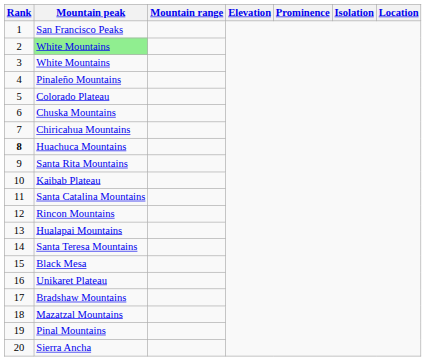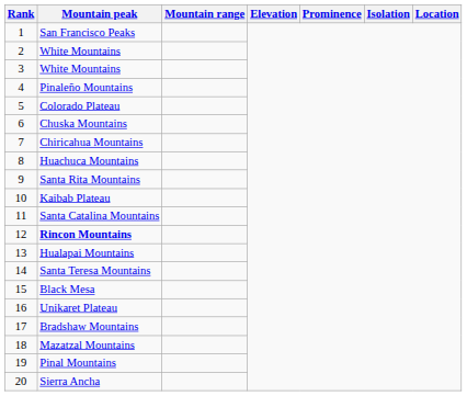 <table class="wikitable sortable">
 <tr>
 <th><a href='#'>Rank</a></th>
 <th><a href='#'>Mountain peak</a></th>
 <th><a href='#'>Mountain range</a></th>
 <th><a href='#'>Elevation</a></th>
 <th><a href='#'>Prominence</a></th>
 <th><a href='#'>Isolation</a></th>
 <th><a href='#'>Location</a></th>
 </tr>
 <tr>
 <td align=center>1<br></td>
 <td><a href='#'>San Francisco Peaks</a><br></td>
 <td></td>
 </tr>
 <tr>
 <td align=center>2<br></td>
-<td style="background: lightgreen;"><a href='#'>White Mountains</a><br></td>
+<td><a href='#'>White Mountains</a><br></td>
 <td></td>
 </tr>
 <tr>
 <td align=center>3<br></td>
 <td><a href='#'>White Mountains</a><br></td>
 <td></td>
 </tr>
 <tr>
 <td align=center>4<br></td>
 <td><a href='#'>Pinaleño Mountains</a><br></td>
 <td></td>
 </tr>
 <tr>
 <td align=center>5<br></td>
 <td><a href='#'>Colorado Plateau</a><br></td>
 <td></td>
 </tr>
 <tr>
 <td align=center>6<br></td>
 <td><a href='#'>Chuska Mountains</a><br></td>
 <td></td>
 </tr>
 <tr>
 <td align=center>7<br></td>
 <td><a href='#'>Chiricahua Mountains</a><br></td>
 <td></td>
 </tr>
 <tr>
-<td align=center><strong>8<br></strong></td>
+<td align=center>8<br></td>
 <td><a href='#'>Huachuca Mountains</a><br></td>
 <td></td>
 </tr>
 <tr>
 <td align=center>9<br></td>
 <td><a href='#'>Santa Rita Mountains</a><br></td>
 <td></td>
 </tr>
 <tr>
 <td align=center>10<br></td>
 <td><a href='#'>Kaibab Plateau</a><br></td>
 <td></td>
 </tr>
 <tr>
 <td align=center>11<br></td>
 <td><a href='#'>Santa Catalina Mountains</a><br></td>
 <td></td>
 </tr>
 <tr>
 <td align=center>12<br></td>
-<td><a href='#'>Rincon Mountains</a><br></td>
+<td><strong><a href='#'>Rincon Mountains</a><br></strong></td>
 <td></td>
 </tr>
 <tr>
 <td align=center>13<br></td>
 <td><a href='#'>Hualapai Mountains</a><br></td>
 <td></td>
 </tr>
 <tr>
 <td align=center>14<br></td>
 <td><a href='#'>Santa Teresa Mountains</a><br></td>
 <td></td>
 </tr>
 <tr>
 <td align=center>15<br></td>
 <td><a href='#'>Black Mesa</a><br></td>
 <td></td>
 </tr>
 <tr>
 <td align=center>16<br></td>
 <td><a href='#'>Unikaret Plateau</a><br></td>
 <td></td>
 </tr>
 <tr>
 <td align=center>17<br></td>
 <td><a href='#'>Bradshaw Mountains</a><br></td>
 <td></td>
 </tr>
 <tr>
 <td align=center>18<br></td>
 <td><a href='#'>Mazatzal Mountains</a><br></td>
 <td></td>
 </tr>
 <tr>
 <td align=center>19<br></td>
 <td><a href='#'>Pinal Mountains</a><br></td>
 <td></td>
 </tr>
 <tr>
 <td align=center>20<br></td>
 <td><a href='#'>Sierra Ancha</a><br></td>
 <td></td>
 </tr>
 </table>
